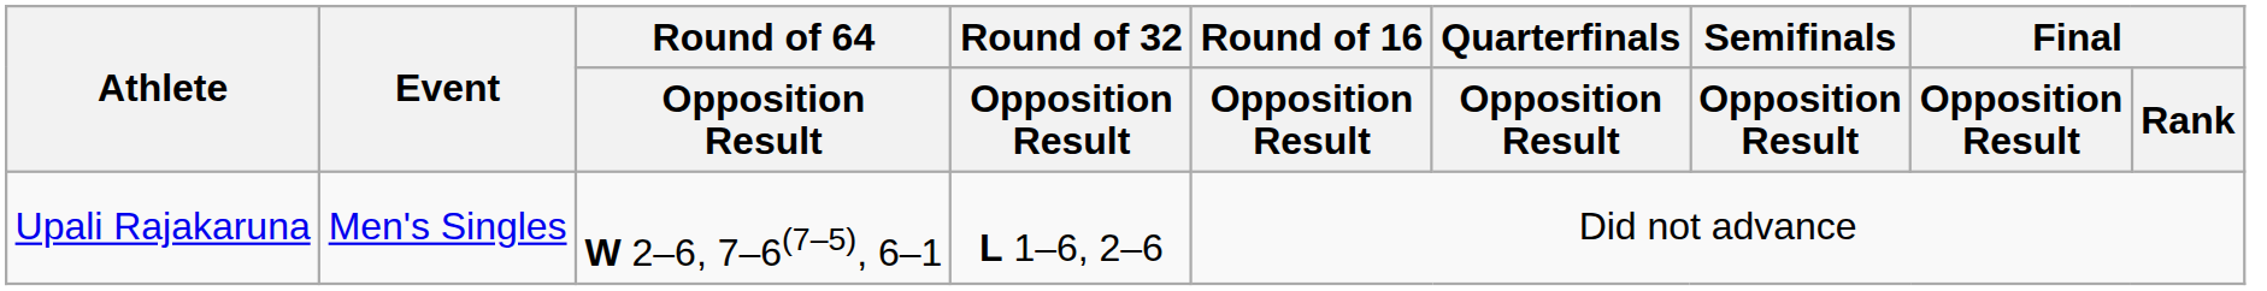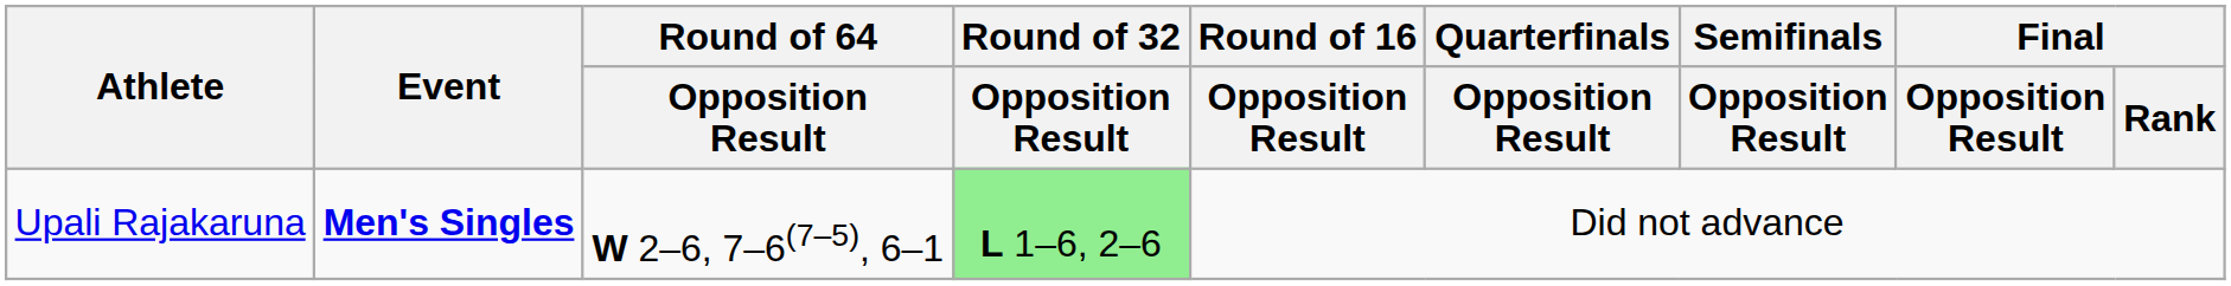 <table class="wikitable" style="font-size:90%">
 <tr>
 <th rowspan="2">Athlete</th>
 <th rowspan="2">Event</th>
 <th>Round of 64</th>
 <th>Round of 32</th>
 <th>Round of 16</th>
 <th>Quarterfinals</th>
 <th>Semifinals</th>
 <th colspan="2">Final</th>
 </tr>
 <tr>
 <th>Opposition<br>Result</th>
 <th>Opposition<br>Result</th>
 <th>Opposition<br>Result</th>
 <th>Opposition<br>Result</th>
 <th>Opposition<br>Result</th>
 <th>Opposition<br>Result</th>
 <th>Rank</th>
 </tr>
 <tr align=center>
 <td align=left><a href='#'>Upali Rajakaruna</a></td>
-<td align=left><a href='#'>Men's Singles</a></td>
+<td align=left><strong><a href='#'>Men's Singles</a></strong></td>
 <td><br><strong>W</strong> 2–6, 7–6<sup>(7–5)</sup>, 6–1</td>
-<td><br><strong>L</strong> 1–6, 2–6</td>
+<td style="background: lightgreen;"><br><strong>L</strong> 1–6, 2–6</td>
 <td colspan=5 align=center>Did not advance</td>
 </tr>
 </table>
